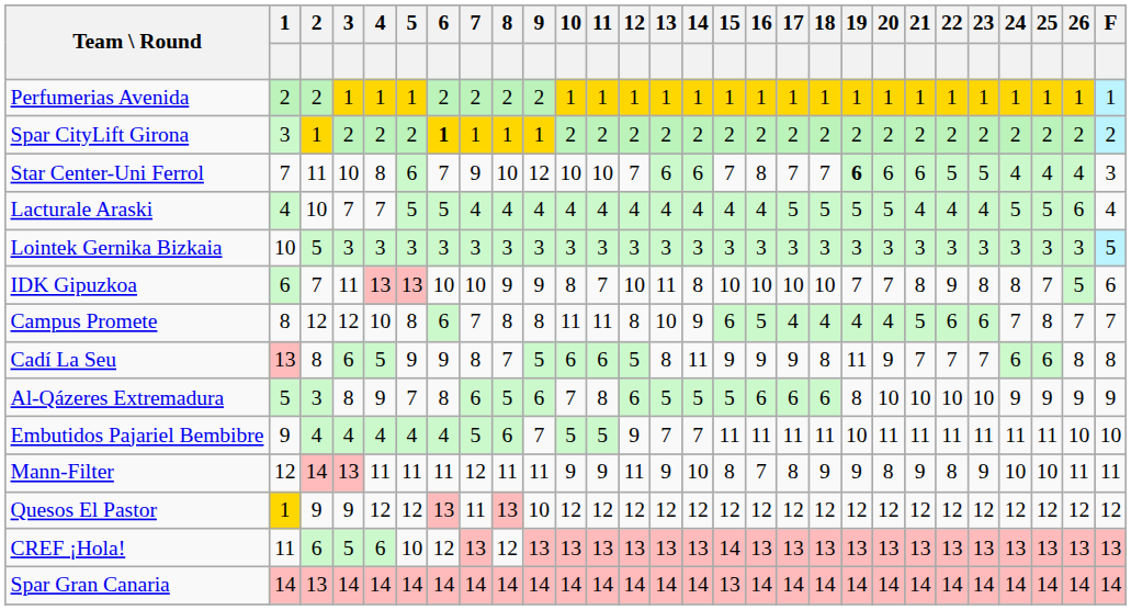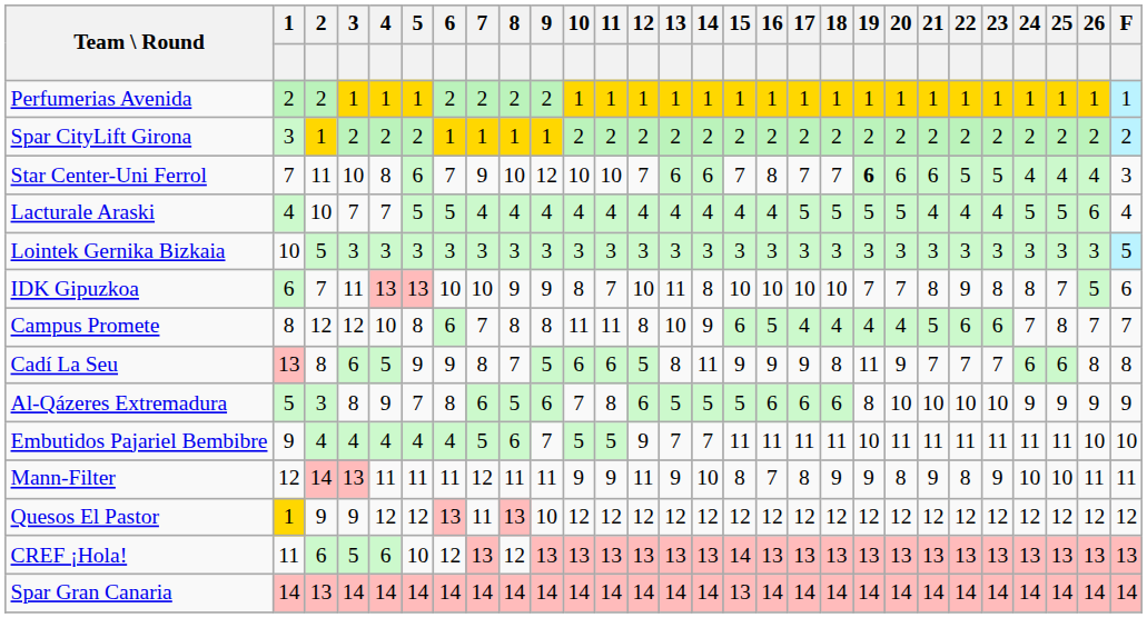 <table class="wikitable sortable" style="font-size: 74%; text-align:center;">
 <tr>
 <th rowspan="2">Team \ Round</th>
 <th>1</th>
 <th>2</th>
 <th>3</th>
 <th>4</th>
 <th>5</th>
 <th>6</th>
 <th>7</th>
 <th>8</th>
 <th>9</th>
 <th>10</th>
 <th>11</th>
 <th>12</th>
 <th>13</th>
 <th>14</th>
 <th>15</th>
 <th>16</th>
 <th>17</th>
 <th>18</th>
 <th>19</th>
 <th>20</th>
 <th>21</th>
 <th>22</th>
 <th>23</th>
 <th>24</th>
 <th>25</th>
 <th>26</th>
 <th>F</th>
 </tr>
 <tr style="text-align:center; height:20px;">
 <th scope=row></th>
 <th></th>
 <th></th>
 <th></th>
 <th></th>
 <th></th>
 <th></th>
 <th></th>
 <th></th>
 <th></th>
 <th></th>
 <th></th>
 <th></th>
 <th></th>
 <th></th>
 <th></th>
 <th></th>
 <th></th>
 <th></th>
 <th></th>
 <th></th>
 <th></th>
 <th></th>
 <th></th>
 <th></th>
 <th></th>
 <th></th>
 </tr>
 <tr>
 <td align=left><a href='#'>Perfumerias Avenida</a></td>
 <td bgcolor=#BBF3BB>2</td>
 <td bgcolor=#BBF3BB>2</td>
 <td bgcolor=gold>1</td>
 <td bgcolor=gold>1</td>
 <td bgcolor=gold>1</td>
 <td bgcolor=#BBF3BB>2</td>
 <td bgcolor=#BBF3BB>2</td>
 <td bgcolor=#BBF3BB>2</td>
 <td bgcolor=#BBF3BB>2</td>
 <td bgcolor=gold>1</td>
 <td bgcolor=gold>1</td>
 <td bgcolor=gold>1</td>
 <td bgcolor=gold>1</td>
 <td bgcolor=gold>1</td>
 <td bgcolor=gold>1</td>
 <td bgcolor=gold>1</td>
 <td bgcolor=gold>1</td>
 <td bgcolor=gold>1</td>
 <td bgcolor=gold>1</td>
 <td bgcolor=gold>1</td>
 <td bgcolor=gold>1</td>
 <td bgcolor=gold>1</td>
 <td bgcolor=gold>1</td>
 <td bgcolor=gold>1</td>
 <td bgcolor=gold>1</td>
 <td bgcolor=gold>1</td>
 <td bgcolor=BBF3FF>1</td>
 </tr>
 <tr>
 <td align=left><a href='#'>Spar CityLift Girona</a></td>
 <td bgcolor=#CCF9CC>3</td>
 <td bgcolor=gold>1</td>
 <td bgcolor=#BBF3BB>2</td>
 <td bgcolor=#BBF3BB>2</td>
 <td bgcolor=#BBF3BB>2</td>
-<td bgcolor=gold><strong>1</strong></td>
+<td bgcolor=gold>1</td>
 <td bgcolor=gold>1</td>
 <td bgcolor=gold>1</td>
 <td bgcolor=gold>1</td>
 <td bgcolor=#BBF3BB>2</td>
 <td bgcolor=#BBF3BB>2</td>
 <td bgcolor=#BBF3BB>2</td>
 <td bgcolor=#BBF3BB>2</td>
 <td bgcolor=#BBF3BB>2</td>
 <td bgcolor=#BBF3BB>2</td>
 <td bgcolor=#BBF3BB>2</td>
 <td bgcolor=#BBF3BB>2</td>
 <td bgcolor=#BBF3BB>2</td>
 <td bgcolor=#BBF3BB>2</td>
 <td bgcolor=#BBF3BB>2</td>
 <td bgcolor=#BBF3BB>2</td>
 <td bgcolor=#BBF3BB>2</td>
 <td bgcolor=#BBF3BB>2</td>
 <td bgcolor=#BBF3BB>2</td>
 <td bgcolor=#BBF3BB>2</td>
 <td bgcolor=#BBF3BB>2</td>
 <td bgcolor=BBF3FF>2</td>
 </tr>
 <tr>
 <td align=left><a href='#'>Star Center-Uni Ferrol</a></td>
 <td>7</td>
 <td>11</td>
 <td>10</td>
 <td>8</td>
 <td bgcolor=#CCF9CC>6</td>
 <td>7</td>
 <td>9</td>
 <td>10</td>
 <td>12</td>
 <td>10</td>
 <td>10</td>
 <td>7</td>
 <td bgcolor=#CCF9CC>6</td>
 <td bgcolor=#CCF9CC>6</td>
 <td>7</td>
 <td>8</td>
 <td>7</td>
 <td>7</td>
 <td bgcolor=#CCF9CC><strong>6</strong></td>
 <td bgcolor=#CCF9CC>6</td>
 <td bgcolor=#CCF9CC>6</td>
 <td bgcolor=#CCF9CC>5</td>
 <td bgcolor=#CCF9CC>5</td>
 <td bgcolor=#CCF9CC>4</td>
 <td bgcolor=#CCF9CC>4</td>
 <td bgcolor=#CCF9CC>4</td>
 <td>3</td>
 </tr>
 <tr>
 <td align=left><a href='#'>Lacturale Araski</a></td>
 <td bgcolor=#CCF9CC>4</td>
 <td>10</td>
 <td>7</td>
 <td>7</td>
 <td bgcolor=#CCF9CC>5</td>
 <td bgcolor=#CCF9CC>5</td>
 <td bgcolor=#CCF9CC>4</td>
 <td bgcolor=#CCF9CC>4</td>
 <td bgcolor=#CCF9CC>4</td>
 <td bgcolor=#CCF9CC>4</td>
 <td bgcolor=#CCF9CC>4</td>
 <td bgcolor=#CCF9CC>4</td>
 <td bgcolor=#CCF9CC>4</td>
 <td bgcolor=#CCF9CC>4</td>
 <td bgcolor=#CCF9CC>4</td>
 <td bgcolor=#CCF9CC>4</td>
 <td bgcolor=#CCF9CC>5</td>
 <td bgcolor=#CCF9CC>5</td>
 <td bgcolor=#CCF9CC>5</td>
 <td bgcolor=#CCF9CC>5</td>
 <td bgcolor=#CCF9CC>4</td>
 <td bgcolor=#CCF9CC>4</td>
 <td bgcolor=#CCF9CC>4</td>
 <td bgcolor=#CCF9CC>5</td>
 <td bgcolor=#CCF9CC>5</td>
 <td bgcolor=#CCF9CC>6</td>
 <td>4</td>
 </tr>
 <tr>
 <td align=left><a href='#'>Lointek Gernika Bizkaia</a></td>
 <td>10</td>
 <td bgcolor=#CCF9CC>5</td>
 <td bgcolor=#CCF9CC>3</td>
 <td bgcolor=#CCF9CC>3</td>
 <td bgcolor=#CCF9CC>3</td>
 <td bgcolor=#CCF9CC>3</td>
 <td bgcolor=#CCF9CC>3</td>
 <td bgcolor=#CCF9CC>3</td>
 <td bgcolor=#CCF9CC>3</td>
 <td bgcolor=#CCF9CC>3</td>
 <td bgcolor=#CCF9CC>3</td>
 <td bgcolor=#CCF9CC>3</td>
 <td bgcolor=#CCF9CC>3</td>
 <td bgcolor=#CCF9CC>3</td>
 <td bgcolor=#CCF9CC>3</td>
 <td bgcolor=#CCF9CC>3</td>
 <td bgcolor=#CCF9CC>3</td>
 <td bgcolor=#CCF9CC>3</td>
 <td bgcolor=#CCF9CC>3</td>
 <td bgcolor=#CCF9CC>3</td>
 <td bgcolor=#CCF9CC>3</td>
 <td bgcolor=#CCF9CC>3</td>
 <td bgcolor=#CCF9CC>3</td>
 <td bgcolor=#CCF9CC>3</td>
 <td bgcolor=#CCF9CC>3</td>
 <td bgcolor=#CCF9CC>3</td>
 <td bgcolor=BBF3FF>5</td>
 </tr>
 <tr>
 <td align=left><a href='#'>IDK Gipuzkoa</a></td>
 <td bgcolor=#CCF9CC>6</td>
 <td>7</td>
 <td>11</td>
 <td bgcolor=#FFBBBB>13</td>
 <td bgcolor=#FFBBBB>13</td>
 <td>10</td>
 <td>10</td>
 <td>9</td>
 <td>9</td>
 <td>8</td>
 <td>7</td>
 <td>10</td>
 <td>11</td>
 <td>8</td>
 <td>10</td>
 <td>10</td>
 <td>10</td>
 <td>10</td>
 <td>7</td>
 <td>7</td>
 <td>8</td>
 <td>9</td>
 <td>8</td>
 <td>8</td>
 <td>7</td>
 <td bgcolor=#CCF9CC>5</td>
 <td>6</td>
 </tr>
 <tr>
 <td align=left><a href='#'>Campus Promete</a></td>
 <td>8</td>
 <td>12</td>
 <td>12</td>
 <td>10</td>
 <td>8</td>
 <td bgcolor=#CCF9CC>6</td>
 <td>7</td>
 <td>8</td>
 <td>8</td>
 <td>11</td>
 <td>11</td>
 <td>8</td>
 <td>10</td>
 <td>9</td>
 <td bgcolor=#CCF9CC>6</td>
 <td bgcolor=#CCF9CC>5</td>
 <td bgcolor=#CCF9CC>4</td>
 <td bgcolor=#CCF9CC>4</td>
 <td bgcolor=#CCF9CC>4</td>
 <td bgcolor=#CCF9CC>4</td>
 <td bgcolor=#CCF9CC>5</td>
 <td bgcolor=#CCF9CC>6</td>
 <td bgcolor=#CCF9CC>6</td>
 <td>7</td>
 <td>8</td>
 <td>7</td>
 <td>7</td>
 </tr>
 <tr>
 <td align=left><a href='#'>Cadí La Seu</a></td>
 <td bgcolor=#FFBBBB>13</td>
 <td>8</td>
 <td bgcolor=#CCF9CC>6</td>
 <td bgcolor=#CCF9CC>5</td>
 <td>9</td>
 <td>9</td>
 <td>8</td>
 <td>7</td>
 <td bgcolor=#CCF9CC>5</td>
 <td bgcolor=#CCF9CC>6</td>
 <td bgcolor=#CCF9CC>6</td>
 <td bgcolor=#CCF9CC>5</td>
 <td>8</td>
 <td>11</td>
 <td>9</td>
 <td>9</td>
 <td>9</td>
 <td>8</td>
 <td>11</td>
 <td>9</td>
 <td>7</td>
 <td>7</td>
 <td>7</td>
 <td bgcolor=#CCF9CC>6</td>
 <td bgcolor=#CCF9CC>6</td>
 <td>8</td>
 <td>8</td>
 </tr>
 <tr>
 <td align=left><a href='#'>Al-Qázeres Extremadura</a></td>
 <td bgcolor=#CCF9CC>5</td>
 <td bgcolor=#CCF9CC>3</td>
 <td>8</td>
 <td>9</td>
 <td>7</td>
 <td>8</td>
 <td bgcolor=#CCF9CC>6</td>
 <td bgcolor=#CCF9CC>5</td>
 <td bgcolor=#CCF9CC>6</td>
 <td>7</td>
 <td>8</td>
 <td bgcolor=#CCF9CC>6</td>
 <td bgcolor=#CCF9CC>5</td>
 <td bgcolor=#CCF9CC>5</td>
 <td bgcolor=#CCF9CC>5</td>
 <td bgcolor=#CCF9CC>6</td>
 <td bgcolor=#CCF9CC>6</td>
 <td bgcolor=#CCF9CC>6</td>
 <td>8</td>
 <td>10</td>
 <td>10</td>
 <td>10</td>
 <td>10</td>
 <td>9</td>
 <td>9</td>
 <td>9</td>
 <td>9</td>
 </tr>
 <tr>
 <td align=left><a href='#'>Embutidos Pajariel Bembibre</a></td>
 <td>9</td>
 <td bgcolor=#CCF9CC>4</td>
 <td bgcolor=#CCF9CC>4</td>
 <td bgcolor=#CCF9CC>4</td>
 <td bgcolor=#CCF9CC>4</td>
 <td bgcolor=#CCF9CC>4</td>
 <td bgcolor=#CCF9CC>5</td>
 <td bgcolor=#CCF9CC>6</td>
 <td>7</td>
 <td bgcolor=#CCF9CC>5</td>
 <td bgcolor=#CCF9CC>5</td>
 <td>9</td>
 <td>7</td>
 <td>7</td>
 <td>11</td>
 <td>11</td>
 <td>11</td>
 <td>11</td>
 <td>10</td>
 <td>11</td>
 <td>11</td>
 <td>11</td>
 <td>11</td>
 <td>11</td>
 <td>11</td>
 <td>10</td>
 <td>10</td>
 </tr>
 <tr>
 <td align=left><a href='#'>Mann-Filter</a></td>
 <td>12</td>
 <td bgcolor=#FFBBBB>14</td>
 <td bgcolor=#FFBBBB>13</td>
 <td>11</td>
 <td>11</td>
 <td>11</td>
 <td>12</td>
 <td>11</td>
 <td>11</td>
 <td>9</td>
 <td>9</td>
 <td>11</td>
 <td>9</td>
 <td>10</td>
 <td>8</td>
 <td>7</td>
 <td>8</td>
 <td>9</td>
 <td>9</td>
 <td>8</td>
 <td>9</td>
 <td>8</td>
 <td>9</td>
 <td>10</td>
 <td>10</td>
 <td>11</td>
 <td>11</td>
 </tr>
 <tr>
 <td align=left><a href='#'>Quesos El Pastor</a></td>
 <td bgcolor=gold>1</td>
 <td>9</td>
 <td>9</td>
 <td>12</td>
 <td>12</td>
 <td bgcolor=#FFBBBB>13</td>
 <td>11</td>
 <td bgcolor=#FFBBBB>13</td>
 <td>10</td>
 <td>12</td>
 <td>12</td>
 <td>12</td>
 <td>12</td>
 <td>12</td>
 <td>12</td>
 <td>12</td>
 <td>12</td>
 <td>12</td>
 <td>12</td>
 <td>12</td>
 <td>12</td>
 <td>12</td>
 <td>12</td>
 <td>12</td>
 <td>12</td>
 <td>12</td>
 <td>12</td>
 </tr>
 <tr>
 <td align=left><a href='#'>CREF ¡Hola!</a></td>
 <td>11</td>
 <td bgcolor=#CCF9CC>6</td>
 <td bgcolor=#CCF9CC>5</td>
 <td bgcolor=#CCF9CC>6</td>
 <td>10</td>
 <td>12</td>
 <td bgcolor=#FFBBBB>13</td>
 <td>12</td>
 <td bgcolor=#FFBBBB>13</td>
 <td bgcolor=#FFBBBB>13</td>
 <td bgcolor=#FFBBBB>13</td>
 <td bgcolor=#FFBBBB>13</td>
 <td bgcolor=#FFBBBB>13</td>
 <td bgcolor=#FFBBBB>13</td>
 <td bgcolor=#FFBBBB>14</td>
 <td bgcolor=#FFBBBB>13</td>
 <td bgcolor=#FFBBBB>13</td>
 <td bgcolor=#FFBBBB>13</td>
 <td bgcolor=#FFBBBB>13</td>
 <td bgcolor=#FFBBBB>13</td>
 <td bgcolor=#FFBBBB>13</td>
 <td bgcolor=#FFBBBB>13</td>
 <td bgcolor=#FFBBBB>13</td>
 <td bgcolor=#FFBBBB>13</td>
 <td bgcolor=#FFBBBB>13</td>
 <td bgcolor=#FFBBBB>13</td>
 <td bgcolor=#FFBBBB>13</td>
 </tr>
 <tr>
 <td align=left><a href='#'>Spar Gran Canaria</a></td>
 <td bgcolor=#FFBBBB>14</td>
 <td bgcolor=#FFBBBB>13</td>
 <td bgcolor=#FFBBBB>14</td>
 <td bgcolor=#FFBBBB>14</td>
 <td bgcolor=#FFBBBB>14</td>
 <td bgcolor=#FFBBBB>14</td>
 <td bgcolor=#FFBBBB>14</td>
 <td bgcolor=#FFBBBB>14</td>
 <td bgcolor=#FFBBBB>14</td>
 <td bgcolor=#FFBBBB>14</td>
 <td bgcolor=#FFBBBB>14</td>
 <td bgcolor=#FFBBBB>14</td>
 <td bgcolor=#FFBBBB>14</td>
 <td bgcolor=#FFBBBB>14</td>
 <td bgcolor=#FFBBBB>13</td>
 <td bgcolor=#FFBBBB>14</td>
 <td bgcolor=#FFBBBB>14</td>
 <td bgcolor=#FFBBBB>14</td>
 <td bgcolor=#FFBBBB>14</td>
 <td bgcolor=#FFBBBB>14</td>
 <td bgcolor=#FFBBBB>14</td>
 <td bgcolor=#FFBBBB>14</td>
 <td bgcolor=#FFBBBB>14</td>
 <td bgcolor=#FFBBBB>14</td>
 <td bgcolor=#FFBBBB>14</td>
 <td bgcolor=#FFBBBB>14</td>
 <td bgcolor=#FFBBBB>14</td>
 </tr>
 </table>
